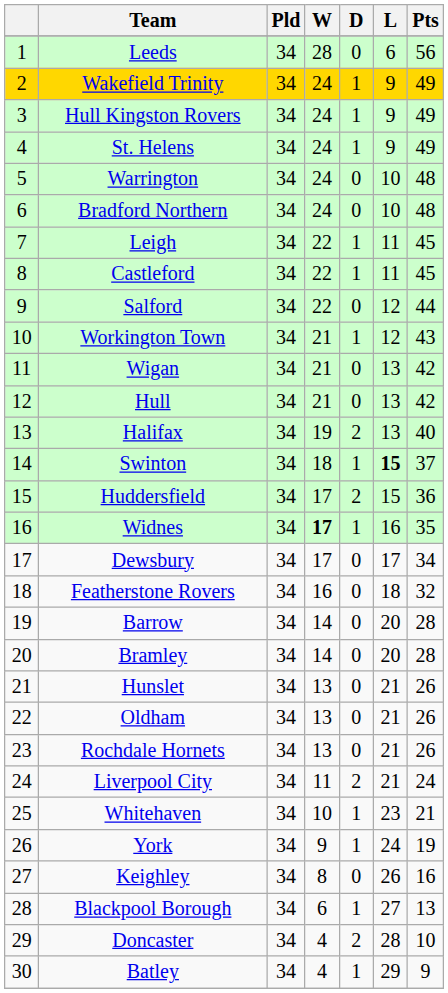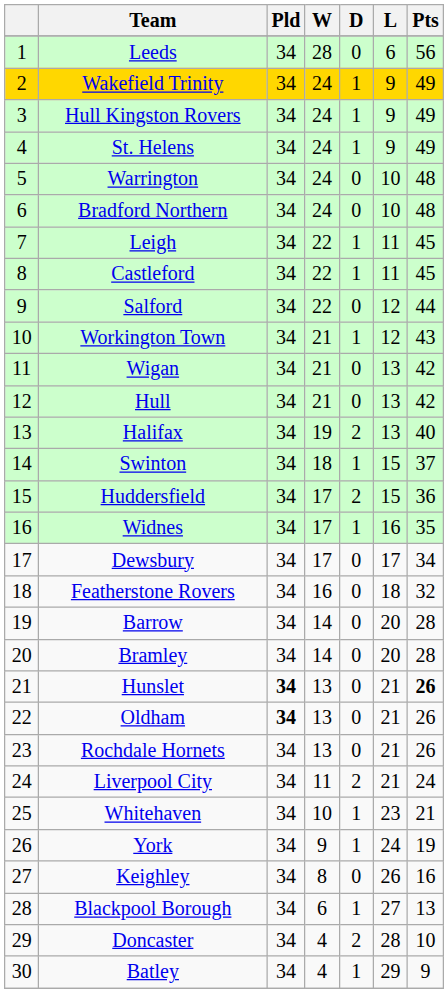 <table class="wikitable" style="text-align:center;">
 <tr>
 <th width=20 abbr="Position"></th>
 <th width=175>Team</th>
 <th width=20 abbr="Played">Pld</th>
 <th width=20 abbr="Won">W</th>
 <th width=20 abbr="Drawn">D</th>
 <th width=20 abbr="Lost">L</th>
 <th width=20 abbr="Points">Pts</th>
 </tr>
 <tr>
 </tr>
 <tr align=center style="background:#ccffcc;color:">
 <td>1</td>
 <td><a href='#'>Leeds</a></td>
 <td>34</td>
 <td>28</td>
 <td>0</td>
 <td>6</td>
 <td>56</td>
 </tr>
 <tr align=center style="background:#FFD700;">
 <td>2</td>
 <td><a href='#'>Wakefield Trinity</a></td>
 <td>34</td>
 <td>24</td>
 <td>1</td>
 <td>9</td>
 <td>49</td>
 </tr>
 <tr align=center style="background:#ccffcc;color:">
 <td>3</td>
 <td><a href='#'>Hull Kingston Rovers</a></td>
 <td>34</td>
 <td>24</td>
 <td>1</td>
 <td>9</td>
 <td>49</td>
 </tr>
 <tr align=center style="background:#ccffcc;color:">
 <td>4</td>
 <td><a href='#'>St. Helens</a></td>
 <td>34</td>
 <td>24</td>
 <td>1</td>
 <td>9</td>
 <td>49</td>
 </tr>
 <tr align=center style="background:#ccffcc;color:">
 <td>5</td>
 <td><a href='#'>Warrington</a></td>
 <td>34</td>
 <td>24</td>
 <td>0</td>
 <td>10</td>
 <td>48</td>
 </tr>
 <tr align=center style="background:#ccffcc;color:">
 <td>6</td>
 <td><a href='#'>Bradford Northern</a></td>
 <td>34</td>
 <td>24</td>
 <td>0</td>
 <td>10</td>
 <td>48</td>
 </tr>
 <tr align=center style="background:#ccffcc;color:">
 <td>7</td>
 <td><a href='#'>Leigh</a></td>
 <td>34</td>
 <td>22</td>
 <td>1</td>
 <td>11</td>
 <td>45</td>
 </tr>
 <tr align=center style="background:#ccffcc;color:">
 <td>8</td>
 <td><a href='#'>Castleford</a></td>
 <td>34</td>
 <td>22</td>
 <td>1</td>
 <td>11</td>
 <td>45</td>
 </tr>
 <tr align=center style="background:#ccffcc;color:">
 <td>9</td>
 <td><a href='#'>Salford</a></td>
 <td>34</td>
 <td>22</td>
 <td>0</td>
 <td>12</td>
 <td>44</td>
 </tr>
 <tr align=center style="background:#ccffcc;color:">
 <td>10</td>
 <td><a href='#'>Workington Town</a></td>
 <td>34</td>
 <td>21</td>
 <td>1</td>
 <td>12</td>
 <td>43</td>
 </tr>
 <tr align=center style="background:#ccffcc;color:">
 <td>11</td>
 <td><a href='#'>Wigan</a></td>
 <td>34</td>
 <td>21</td>
 <td>0</td>
 <td>13</td>
 <td>42</td>
 </tr>
 <tr align=center style="background:#ccffcc;color:">
 <td>12</td>
 <td><a href='#'>Hull</a></td>
 <td>34</td>
 <td>21</td>
 <td>0</td>
 <td>13</td>
 <td>42</td>
 </tr>
 <tr align=center style="background:#ccffcc;color:">
 <td>13</td>
 <td><a href='#'>Halifax</a></td>
 <td>34</td>
 <td>19</td>
 <td>2</td>
 <td>13</td>
 <td>40</td>
 </tr>
 <tr align=center style="background:#ccffcc;color:">
 <td>14</td>
 <td><a href='#'>Swinton</a></td>
 <td>34</td>
 <td>18</td>
 <td>1</td>
-<td><strong>15</strong></td>
+<td>15</td>
 <td>37</td>
 </tr>
 <tr align=center style="background:#ccffcc;color:">
 <td>15</td>
 <td><a href='#'>Huddersfield</a></td>
 <td>34</td>
 <td>17</td>
 <td>2</td>
 <td>15</td>
 <td>36</td>
 </tr>
 <tr align=center style="background:#ccffcc;color:">
 <td>16</td>
 <td><a href='#'>Widnes</a></td>
 <td>34</td>
-<td><strong>17</strong></td>
+<td>17</td>
 <td>1</td>
 <td>16</td>
 <td>35</td>
 </tr>
 <tr align=center style="background:">
 <td>17</td>
 <td><a href='#'>Dewsbury</a></td>
 <td>34</td>
 <td>17</td>
 <td>0</td>
 <td>17</td>
 <td>34</td>
 </tr>
 <tr align=center style="background:">
 <td>18</td>
 <td><a href='#'>Featherstone Rovers</a></td>
 <td>34</td>
 <td>16</td>
 <td>0</td>
 <td>18</td>
 <td>32</td>
 </tr>
 <tr align=center style="background:">
 <td>19</td>
 <td><a href='#'>Barrow</a></td>
 <td>34</td>
 <td>14</td>
 <td>0</td>
 <td>20</td>
 <td>28</td>
 </tr>
 <tr align=center style="background:">
 <td>20</td>
 <td><a href='#'>Bramley</a></td>
 <td>34</td>
 <td>14</td>
 <td>0</td>
 <td>20</td>
 <td>28</td>
 </tr>
 <tr align=center style="background:">
 <td>21</td>
 <td><a href='#'>Hunslet</a></td>
-<td>34</td>
+<td><strong>34</strong></td>
 <td>13</td>
 <td>0</td>
 <td>21</td>
-<td>26</td>
+<td><strong>26</strong></td>
 </tr>
 <tr align=center style="background:">
 <td>22</td>
 <td><a href='#'>Oldham</a></td>
-<td>34</td>
+<td><strong>34</strong></td>
 <td>13</td>
 <td>0</td>
 <td>21</td>
 <td>26</td>
 </tr>
 <tr align=center style="background:">
 <td>23</td>
 <td><a href='#'>Rochdale Hornets</a></td>
 <td>34</td>
 <td>13</td>
 <td>0</td>
 <td>21</td>
 <td>26</td>
 </tr>
 <tr align=center style="background:">
 <td>24</td>
 <td><a href='#'>Liverpool City</a></td>
 <td>34</td>
 <td>11</td>
 <td>2</td>
 <td>21</td>
 <td>24</td>
 </tr>
 <tr align=center style="background:">
 <td>25</td>
 <td><a href='#'>Whitehaven</a></td>
 <td>34</td>
 <td>10</td>
 <td>1</td>
 <td>23</td>
 <td>21</td>
 </tr>
 <tr align=center style="background:">
 <td>26</td>
 <td><a href='#'>York</a></td>
 <td>34</td>
 <td>9</td>
 <td>1</td>
 <td>24</td>
 <td>19</td>
 </tr>
 <tr align=center style="background:">
 <td>27</td>
 <td><a href='#'>Keighley</a></td>
 <td>34</td>
 <td>8</td>
 <td>0</td>
 <td>26</td>
 <td>16</td>
 </tr>
 <tr align=center style="background:">
 <td>28</td>
 <td><a href='#'>Blackpool Borough</a></td>
 <td>34</td>
 <td>6</td>
 <td>1</td>
 <td>27</td>
 <td>13</td>
 </tr>
 <tr align=center style="background:">
 <td>29</td>
 <td><a href='#'>Doncaster</a></td>
 <td>34</td>
 <td>4</td>
 <td>2</td>
 <td>28</td>
 <td>10</td>
 </tr>
 <tr align=center style="background:">
 <td>30</td>
 <td><a href='#'>Batley</a></td>
 <td>34</td>
 <td>4</td>
 <td>1</td>
 <td>29</td>
 <td>9</td>
 </tr>
 <tr>
 </tr>
 </table>
